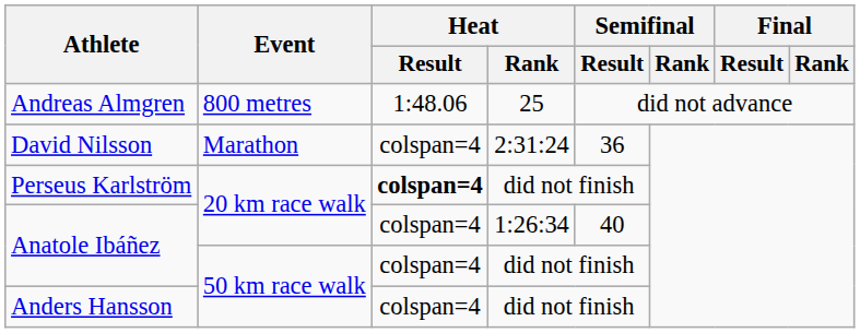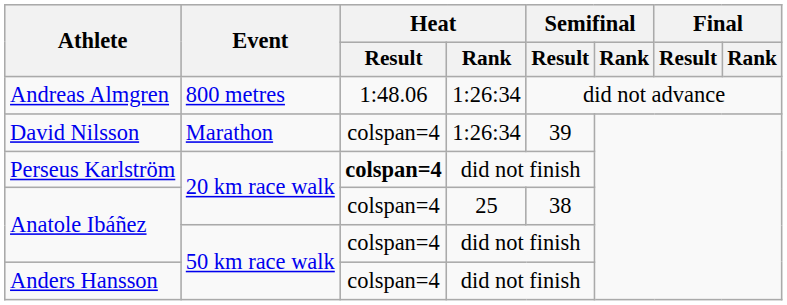 <table class="wikitable" style="font-size:90%">
 <tr>
 <th rowspan="2">Athlete</th>
 <th rowspan="2">Event</th>
 <th colspan="2">Heat</th>
 <th colspan="2">Semifinal</th>
 <th colspan="2">Final</th>
 </tr>
 <tr style="font-size:95%">
 <th>Result</th>
 <th>Rank</th>
 <th>Result</th>
 <th>Rank</th>
 <th>Result</th>
 <th>Rank</th>
 </tr>
 <tr align=center>
 <td align=left><a href='#'>Andreas Almgren</a></td>
 <td align=left><a href='#'>800 metres</a></td>
 <td>1:48.06</td>
-<td>25</td>
+<td>1:26:34</td>
 <td colspan=4>did not advance</td>
 </tr>
 <tr align=center>
 <td align=left><a href='#'>David Nilsson</a></td>
 <td align=left><a href='#'>Marathon</a></td>
 <td>colspan=4 </td>
-<td>2:31:24</td>
-<td>36</td>
+<td>1:26:34</td>
+<td>39</td>
 </tr>
 <tr align=center>
 <td align=left><a href='#'>Perseus Karlström</a></td>
 <td align=left rowspan=2><a href='#'>20 km race walk</a></td>
 <td><strong>colspan=4 </strong></td>
 <td colspan=2>did not finish</td>
 </tr>
 <tr align=center>
 <td align=left rowspan=2><a href='#'>Anatole Ibáñez</a></td>
 <td>colspan=4 </td>
-<td>1:26:34</td>
-<td>40</td>
+<td>25</td>
+<td>38</td>
 </tr>
 <tr align=center>
 <td align=left rowspan=2><a href='#'>50 km race walk</a></td>
 <td>colspan=4 </td>
 <td colspan=2>did not finish</td>
 </tr>
 <tr align=center>
 <td align=left><a href='#'>Anders Hansson</a></td>
 <td>colspan=4 </td>
 <td colspan=2>did not finish</td>
 </tr>
 </table>
